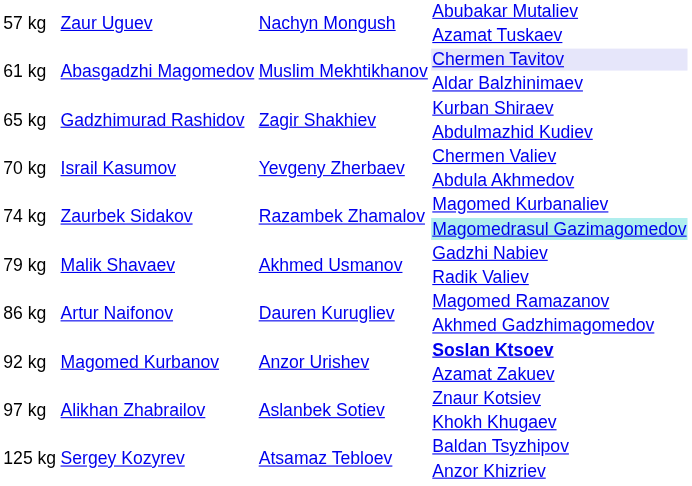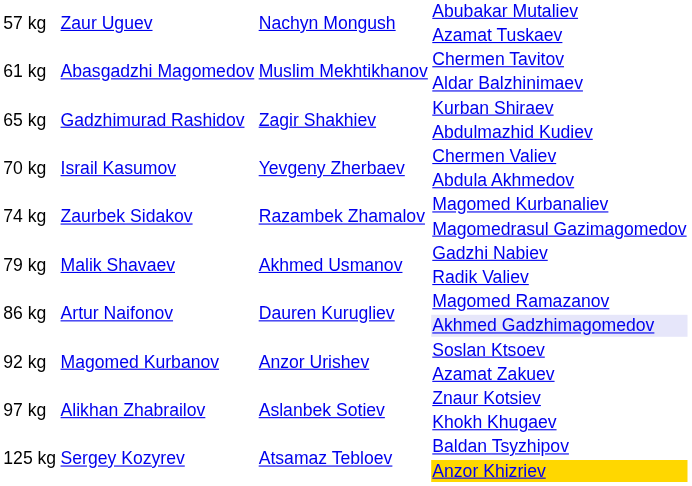 <table>
 <tr>
 <td rowspan=2>57 kg<br></td>
 <td rowspan=2> <a href='#'>Zaur Uguev</a></td>
 <td rowspan=2> <a href='#'>Nachyn Mongush</a></td>
 <td> <a href='#'>Abubakar Mutaliev</a></td>
 </tr>
 <tr>
 <td> <a href='#'>Azamat Tuskaev</a></td>
 </tr>
 <tr>
 <td rowspan=2>61 kg<br></td>
 <td rowspan=2> <a href='#'>Abasgadzhi Magomedov</a></td>
 <td rowspan=2> <a href='#'>Muslim Mekhtikhanov</a></td>
-<td style="background: lavender;"> <a href='#'>Chermen Tavitov</a></td>
+<td> <a href='#'>Chermen Tavitov</a></td>
 </tr>
 <tr>
 <td> <a href='#'>Aldar Balzhinimaev</a></td>
 </tr>
 <tr>
 <td rowspan=2>65 kg<br></td>
 <td rowspan=2> <a href='#'>Gadzhimurad Rashidov</a></td>
 <td rowspan=2> <a href='#'>Zagir Shakhiev</a></td>
 <td> <a href='#'>Kurban Shiraev</a></td>
 </tr>
 <tr>
 <td> <a href='#'>Abdulmazhid Kudiev</a></td>
 </tr>
 <tr>
 <td rowspan=2>70 kg<br></td>
 <td rowspan=2> <a href='#'>Israil Kasumov</a></td>
 <td rowspan=2> <a href='#'>Yevgeny Zherbaev</a></td>
 <td> <a href='#'>Chermen Valiev</a></td>
 </tr>
 <tr>
 <td> <a href='#'>Abdula Akhmedov</a></td>
 </tr>
 <tr>
 <td rowspan=2>74 kg<br></td>
 <td rowspan=2> <a href='#'>Zaurbek Sidakov</a></td>
 <td rowspan=2> <a href='#'>Razambek Zhamalov</a></td>
 <td> <a href='#'>Magomed Kurbanaliev</a></td>
 </tr>
 <tr>
-<td style="background: paleturquoise;"> <a href='#'>Magomedrasul Gazimagomedov</a></td>
+<td> <a href='#'>Magomedrasul Gazimagomedov</a></td>
 </tr>
 <tr>
 <td rowspan=2>79 kg<br></td>
 <td rowspan=2> <a href='#'>Malik Shavaev</a></td>
 <td rowspan=2> <a href='#'>Akhmed Usmanov</a></td>
 <td> <a href='#'>Gadzhi Nabiev</a></td>
 </tr>
 <tr>
 <td> <a href='#'>Radik Valiev</a></td>
 </tr>
 <tr>
 <td rowspan=2>86 kg<br></td>
 <td rowspan=2> <a href='#'>Artur Naifonov</a></td>
 <td rowspan=2> <a href='#'>Dauren Kurugliev</a></td>
 <td> <a href='#'>Magomed Ramazanov</a></td>
 </tr>
 <tr>
-<td> <a href='#'>Akhmed Gadzhimagomedov</a></td>
+<td style="background: lavender;"> <a href='#'>Akhmed Gadzhimagomedov</a></td>
 </tr>
 <tr>
 <td rowspan=2>92 kg<br></td>
 <td rowspan=2> <a href='#'>Magomed Kurbanov</a></td>
 <td rowspan=2> <a href='#'>Anzor Urishev</a></td>
-<td><strong> <a href='#'>Soslan Ktsoev</a></strong></td>
+<td> <a href='#'>Soslan Ktsoev</a></td>
 </tr>
 <tr>
 <td> <a href='#'>Azamat Zakuev</a></td>
 </tr>
 <tr>
 <td rowspan=2>97 kg<br></td>
 <td rowspan=2> <a href='#'>Alikhan Zhabrailov</a></td>
 <td rowspan=2> <a href='#'>Aslanbek Sotiev</a></td>
 <td> <a href='#'>Znaur Kotsiev</a></td>
 </tr>
 <tr>
 <td> <a href='#'>Khokh Khugaev</a></td>
 </tr>
 <tr>
 <td rowspan=2>125 kg<br></td>
 <td rowspan=2> <a href='#'>Sergey Kozyrev</a></td>
 <td rowspan=2> <a href='#'>Atsamaz Tebloev</a></td>
 <td> <a href='#'>Baldan Tsyzhipov</a></td>
 </tr>
 <tr>
-<td> <a href='#'>Anzor Khizriev</a></td>
+<td style="background: gold;"> <a href='#'>Anzor Khizriev</a></td>
 </tr>
 </table>
